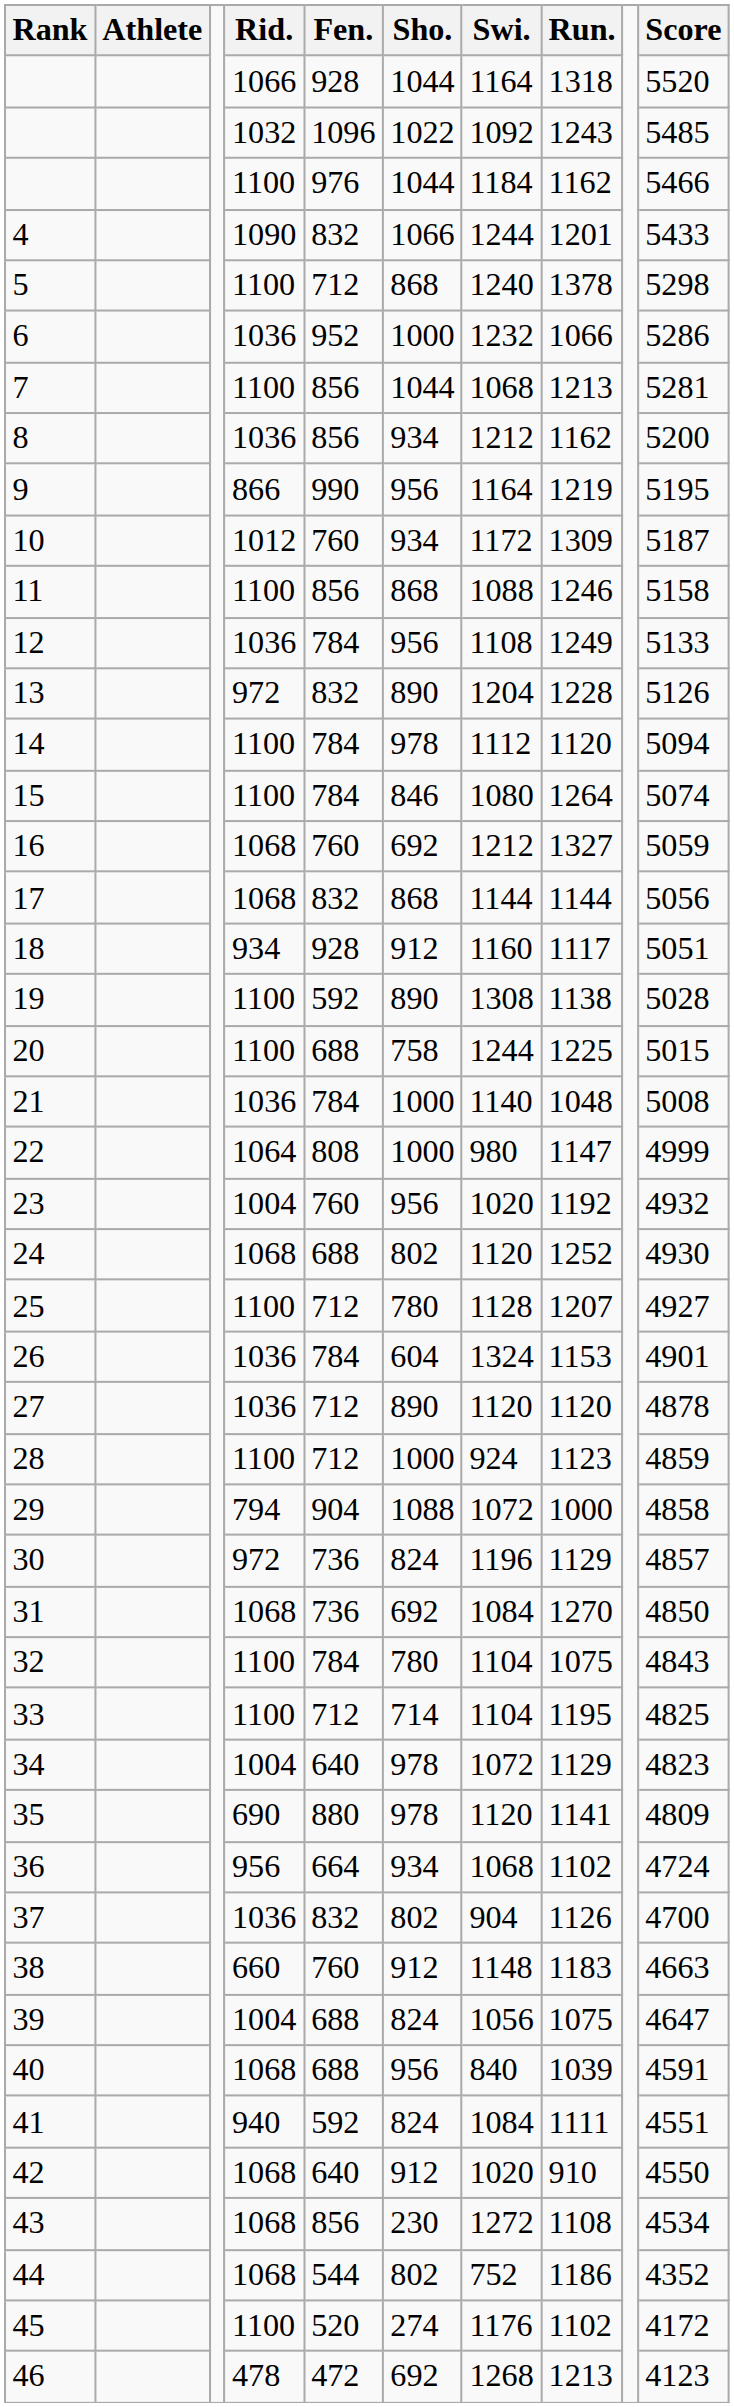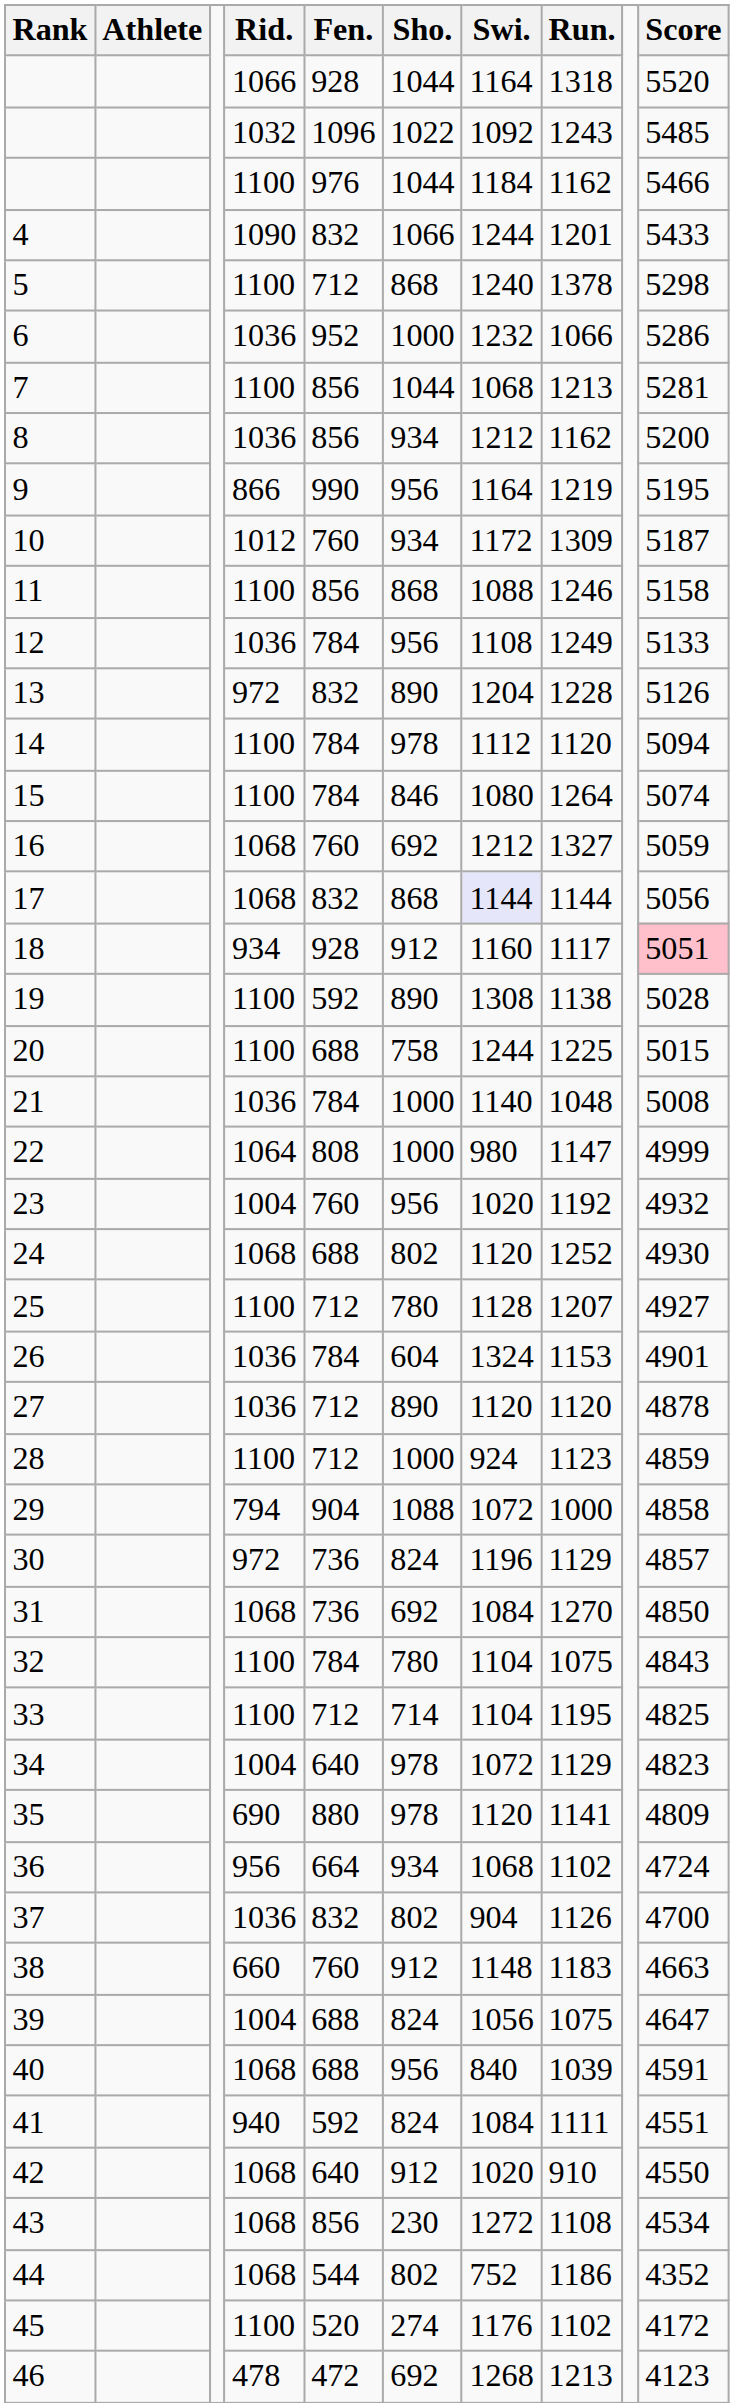 <table class="wikitable sortable">
 <tr>
 <th>Rank</th>
 <th>Athlete</th>
 <td rowspan="48"></td>
 <th>Rid.</th>
 <th>Fen.</th>
 <th>Sho.</th>
 <th>Swi.</th>
 <th>Run.</th>
 <td rowspan="48"></td>
 <th>Score</th>
 </tr>
 <tr>
 <td></td>
 <td></td>
 <td>1066</td>
 <td>928</td>
 <td>1044</td>
 <td>1164</td>
 <td>1318</td>
 <td>5520</td>
 </tr>
 <tr>
 <td></td>
 <td></td>
 <td>1032</td>
 <td>1096</td>
 <td>1022</td>
 <td>1092</td>
 <td>1243</td>
 <td>5485</td>
 </tr>
 <tr>
 <td></td>
 <td></td>
 <td>1100</td>
 <td>976</td>
 <td>1044</td>
 <td>1184</td>
 <td>1162</td>
 <td>5466</td>
 </tr>
 <tr>
 <td>4</td>
 <td></td>
 <td>1090</td>
 <td>832</td>
 <td>1066</td>
 <td>1244</td>
 <td>1201</td>
 <td>5433</td>
 </tr>
 <tr>
 <td>5</td>
 <td></td>
 <td>1100</td>
 <td>712</td>
 <td>868</td>
 <td>1240</td>
 <td>1378</td>
 <td>5298</td>
 </tr>
 <tr>
 <td>6</td>
 <td></td>
 <td>1036</td>
 <td>952</td>
 <td>1000</td>
 <td>1232</td>
 <td>1066</td>
 <td>5286</td>
 </tr>
 <tr>
 <td>7</td>
 <td></td>
 <td>1100</td>
 <td>856</td>
 <td>1044</td>
 <td>1068</td>
 <td>1213</td>
 <td>5281</td>
 </tr>
 <tr>
 <td>8</td>
 <td></td>
 <td>1036</td>
 <td>856</td>
 <td>934</td>
 <td>1212</td>
 <td>1162</td>
 <td>5200</td>
 </tr>
 <tr>
 <td>9</td>
 <td></td>
 <td>866</td>
 <td>990</td>
 <td>956</td>
 <td>1164</td>
 <td>1219</td>
 <td>5195</td>
 </tr>
 <tr>
 <td>10</td>
 <td></td>
 <td>1012</td>
 <td>760</td>
 <td>934</td>
 <td>1172</td>
 <td>1309</td>
 <td>5187</td>
 </tr>
 <tr>
 <td>11</td>
 <td></td>
 <td>1100</td>
 <td>856</td>
 <td>868</td>
 <td>1088</td>
 <td>1246</td>
 <td>5158</td>
 </tr>
 <tr>
 <td>12</td>
 <td></td>
 <td>1036</td>
 <td>784</td>
 <td>956</td>
 <td>1108</td>
 <td>1249</td>
 <td>5133</td>
 </tr>
 <tr>
 <td>13</td>
 <td></td>
 <td>972</td>
 <td>832</td>
 <td>890</td>
 <td>1204</td>
 <td>1228</td>
 <td>5126</td>
 </tr>
 <tr>
 <td>14</td>
 <td></td>
 <td>1100</td>
 <td>784</td>
 <td>978</td>
 <td>1112</td>
 <td>1120</td>
 <td>5094</td>
 </tr>
 <tr>
 <td>15</td>
 <td></td>
 <td>1100</td>
 <td>784</td>
 <td>846</td>
 <td>1080</td>
 <td>1264</td>
 <td>5074</td>
 </tr>
 <tr>
 <td>16</td>
 <td></td>
 <td>1068</td>
 <td>760</td>
 <td>692</td>
 <td>1212</td>
 <td>1327</td>
 <td>5059</td>
 </tr>
 <tr>
 <td>17</td>
 <td></td>
 <td>1068</td>
 <td>832</td>
 <td>868</td>
-<td>1144</td>
+<td style="background: lavender;">1144</td>
 <td>1144</td>
 <td>5056</td>
 </tr>
 <tr>
 <td>18</td>
 <td></td>
 <td>934</td>
 <td>928</td>
 <td>912</td>
 <td>1160</td>
 <td>1117</td>
-<td>5051</td>
+<td style="background: pink;">5051</td>
 </tr>
 <tr>
 <td>19</td>
 <td></td>
 <td>1100</td>
 <td>592</td>
 <td>890</td>
 <td>1308</td>
 <td>1138</td>
 <td>5028</td>
 </tr>
 <tr>
 <td>20</td>
 <td></td>
 <td>1100</td>
 <td>688</td>
 <td>758</td>
 <td>1244</td>
 <td>1225</td>
 <td>5015</td>
 </tr>
 <tr>
 <td>21</td>
 <td></td>
 <td>1036</td>
 <td>784</td>
 <td>1000</td>
 <td>1140</td>
 <td>1048</td>
 <td>5008</td>
 </tr>
 <tr>
 <td>22</td>
 <td></td>
 <td>1064</td>
 <td>808</td>
 <td>1000</td>
 <td>980</td>
 <td>1147</td>
 <td>4999</td>
 </tr>
 <tr>
 <td>23</td>
 <td></td>
 <td>1004</td>
 <td>760</td>
 <td>956</td>
 <td>1020</td>
 <td>1192</td>
 <td>4932</td>
 </tr>
 <tr>
 <td>24</td>
 <td></td>
 <td>1068</td>
 <td>688</td>
 <td>802</td>
 <td>1120</td>
 <td>1252</td>
 <td>4930</td>
 </tr>
 <tr>
 <td>25</td>
 <td></td>
 <td>1100</td>
 <td>712</td>
 <td>780</td>
 <td>1128</td>
 <td>1207</td>
 <td>4927</td>
 </tr>
 <tr>
 <td>26</td>
 <td></td>
 <td>1036</td>
 <td>784</td>
 <td>604</td>
 <td>1324</td>
 <td>1153</td>
 <td>4901</td>
 </tr>
 <tr>
 <td>27</td>
 <td></td>
 <td>1036</td>
 <td>712</td>
 <td>890</td>
 <td>1120</td>
 <td>1120</td>
 <td>4878</td>
 </tr>
 <tr>
 <td>28</td>
 <td></td>
 <td>1100</td>
 <td>712</td>
 <td>1000</td>
 <td>924</td>
 <td>1123</td>
 <td>4859</td>
 </tr>
 <tr>
 <td>29</td>
 <td></td>
 <td>794</td>
 <td>904</td>
 <td>1088</td>
 <td>1072</td>
 <td>1000</td>
 <td>4858</td>
 </tr>
 <tr>
 <td>30</td>
 <td></td>
 <td>972</td>
 <td>736</td>
 <td>824</td>
 <td>1196</td>
 <td>1129</td>
 <td>4857</td>
 </tr>
 <tr>
 <td>31</td>
 <td></td>
 <td>1068</td>
 <td>736</td>
 <td>692</td>
 <td>1084</td>
 <td>1270</td>
 <td>4850</td>
 </tr>
 <tr>
 <td>32</td>
 <td></td>
 <td>1100</td>
 <td>784</td>
 <td>780</td>
 <td>1104</td>
 <td>1075</td>
 <td>4843</td>
 </tr>
 <tr>
 <td>33</td>
 <td></td>
 <td>1100</td>
 <td>712</td>
 <td>714</td>
 <td>1104</td>
 <td>1195</td>
 <td>4825</td>
 </tr>
 <tr>
 <td>34</td>
 <td></td>
 <td>1004</td>
 <td>640</td>
 <td>978</td>
 <td>1072</td>
 <td>1129</td>
 <td>4823</td>
 </tr>
 <tr>
 <td>35</td>
 <td></td>
 <td>690</td>
 <td>880</td>
 <td>978</td>
 <td>1120</td>
 <td>1141</td>
 <td>4809</td>
 </tr>
 <tr>
 <td>36</td>
 <td></td>
 <td>956</td>
 <td>664</td>
 <td>934</td>
 <td>1068</td>
 <td>1102</td>
 <td>4724</td>
 </tr>
 <tr>
 <td>37</td>
 <td></td>
 <td>1036</td>
 <td>832</td>
 <td>802</td>
 <td>904</td>
 <td>1126</td>
 <td>4700</td>
 </tr>
 <tr>
 <td>38</td>
 <td></td>
 <td>660</td>
 <td>760</td>
 <td>912</td>
 <td>1148</td>
 <td>1183</td>
 <td>4663</td>
 </tr>
 <tr>
 <td>39</td>
 <td></td>
 <td>1004</td>
 <td>688</td>
 <td>824</td>
 <td>1056</td>
 <td>1075</td>
 <td>4647</td>
 </tr>
 <tr>
 <td>40</td>
 <td></td>
 <td>1068</td>
 <td>688</td>
 <td>956</td>
 <td>840</td>
 <td>1039</td>
 <td>4591</td>
 </tr>
 <tr>
 <td>41</td>
 <td></td>
 <td>940</td>
 <td>592</td>
 <td>824</td>
 <td>1084</td>
 <td>1111</td>
 <td>4551</td>
 </tr>
 <tr>
 <td>42</td>
 <td></td>
 <td>1068</td>
 <td>640</td>
 <td>912</td>
 <td>1020</td>
 <td>910</td>
 <td>4550</td>
 </tr>
 <tr>
 <td>43</td>
 <td></td>
 <td>1068</td>
 <td>856</td>
 <td>230</td>
 <td>1272</td>
 <td>1108</td>
 <td>4534</td>
 </tr>
 <tr>
 <td>44</td>
 <td></td>
 <td>1068</td>
 <td>544</td>
 <td>802</td>
 <td>752</td>
 <td>1186</td>
 <td>4352</td>
 </tr>
 <tr>
 <td>45</td>
 <td></td>
 <td>1100</td>
 <td>520</td>
 <td>274</td>
 <td>1176</td>
 <td>1102</td>
 <td>4172</td>
 </tr>
 <tr>
 <td>46</td>
 <td></td>
 <td>478</td>
 <td>472</td>
 <td>692</td>
 <td>1268</td>
 <td>1213</td>
 <td>4123</td>
 </tr>
 <tr>
 </tr>
 </table>
